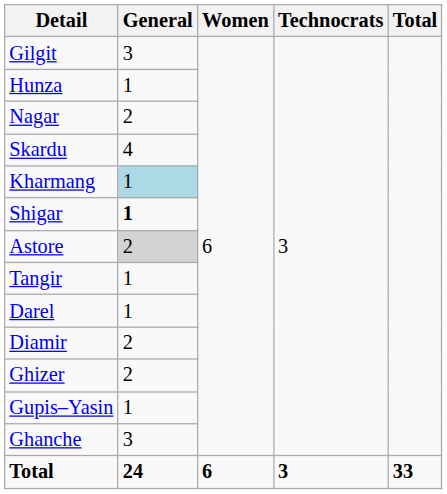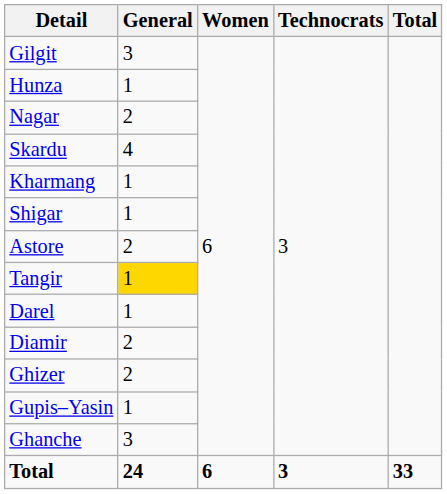 <table class="wikitable">
 <tr>
 <th>Detail</th>
 <th>General</th>
 <th>Women</th>
 <th>Technocrats</th>
 <th><strong>Total</strong></th>
 </tr>
 <tr>
 <td><a href='#'>Gilgit</a></td>
 <td>3</td>
 <td rowspan="13">6</td>
 <td rowspan="13">3</td>
 <td rowspan="13"></td>
 </tr>
 <tr>
 <td><a href='#'>Hunza</a></td>
 <td>1</td>
 </tr>
 <tr>
 <td><a href='#'>Nagar</a></td>
 <td>2</td>
 </tr>
 <tr>
 <td><a href='#'>Skardu</a></td>
 <td>4</td>
 </tr>
 <tr>
 <td><a href='#'>Kharmang</a></td>
-<td style="background: lightblue;">1</td>
+<td>1</td>
 </tr>
 <tr>
 <td><a href='#'>Shigar</a></td>
-<td><strong>1</strong></td>
+<td>1</td>
 </tr>
 <tr>
 <td><a href='#'>Astore</a></td>
-<td style="background: lightgrey;">2</td>
+<td>2</td>
 </tr>
 <tr>
 <td><a href='#'>Tangir</a></td>
-<td>1</td>
+<td style="background: gold;">1</td>
 </tr>
 <tr>
 <td><a href='#'>Darel</a></td>
 <td>1</td>
 </tr>
 <tr>
 <td><a href='#'>Diamir</a></td>
 <td>2</td>
 </tr>
 <tr>
 <td><a href='#'>Ghizer</a></td>
 <td>2</td>
 </tr>
 <tr>
 <td><a href='#'>Gupis–Yasin</a></td>
 <td>1</td>
 </tr>
 <tr>
 <td><a href='#'>Ghanche</a></td>
 <td>3</td>
 </tr>
 <tr>
 <td><strong>Total</strong></td>
 <td><strong>24</strong></td>
 <td><strong>6</strong></td>
 <td><strong>3</strong></td>
 <td><strong>33</strong></td>
 </tr>
 </table>
